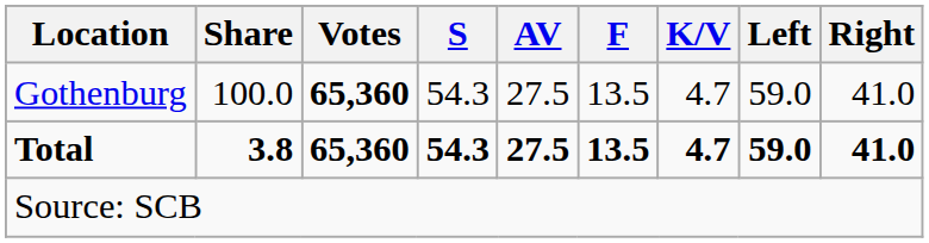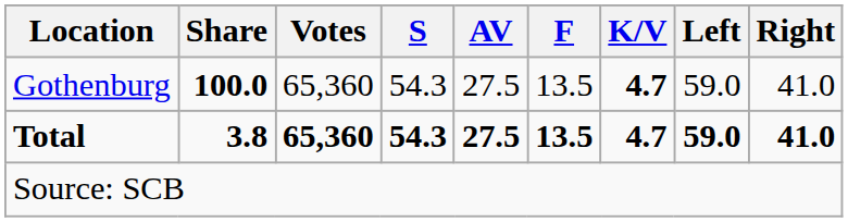 <table class="wikitable sortable" style=text-align:right>
 <tr>
 <th>Location</th>
 <th>Share</th>
 <th>Votes</th>
 <th><a href='#'>S</a></th>
 <th><a href='#'>AV</a></th>
 <th><a href='#'>F</a></th>
 <th><a href='#'>K/V</a></th>
 <th>Left</th>
 <th>Right</th>
 </tr>
 <tr>
 <td align=left><a href='#'>Gothenburg</a></td>
-<td>100.0</td>
-<td><strong>65,360</strong></td>
+<td><strong>100.0</strong></td>
+<td>65,360</td>
 <td>54.3</td>
 <td>27.5</td>
 <td>13.5</td>
-<td>4.7</td>
+<td><strong>4.7</strong></td>
 <td>59.0</td>
 <td>41.0</td>
 </tr>
 <tr>
 <td align=left><strong>Total</strong></td>
 <td><strong>3.8</strong></td>
 <td><strong>65,360</strong></td>
 <td><strong>54.3</strong></td>
 <td><strong>27.5</strong></td>
 <td><strong>13.5</strong></td>
 <td><strong>4.7</strong></td>
 <td><strong>59.0</strong></td>
 <td><strong>41.0</strong></td>
 </tr>
 <tr>
 <td align=left colspan=9>Source: SCB </td>
 </tr>
 </table>
